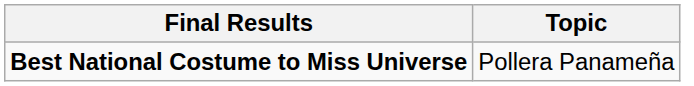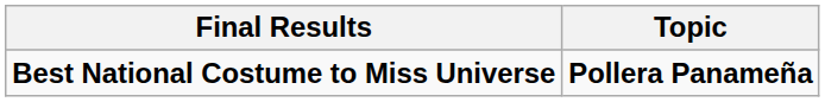 <table class="wikitable">
 <tr>
 <th>Final Results</th>
 <th>Topic</th>
 </tr>
 <tr>
 <td><strong>Best National Costume to Miss Universe</strong></td>
-<td>Pollera Panameña </td>
+<td><strong>Pollera Panameña </strong></td>
 </tr>
 </table>
